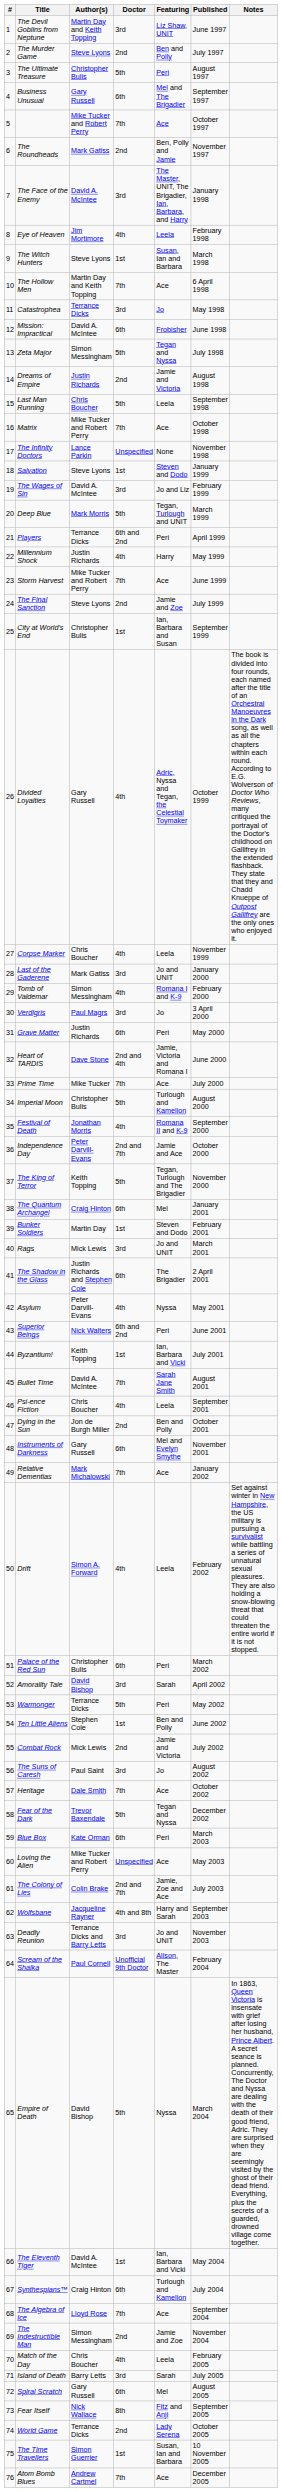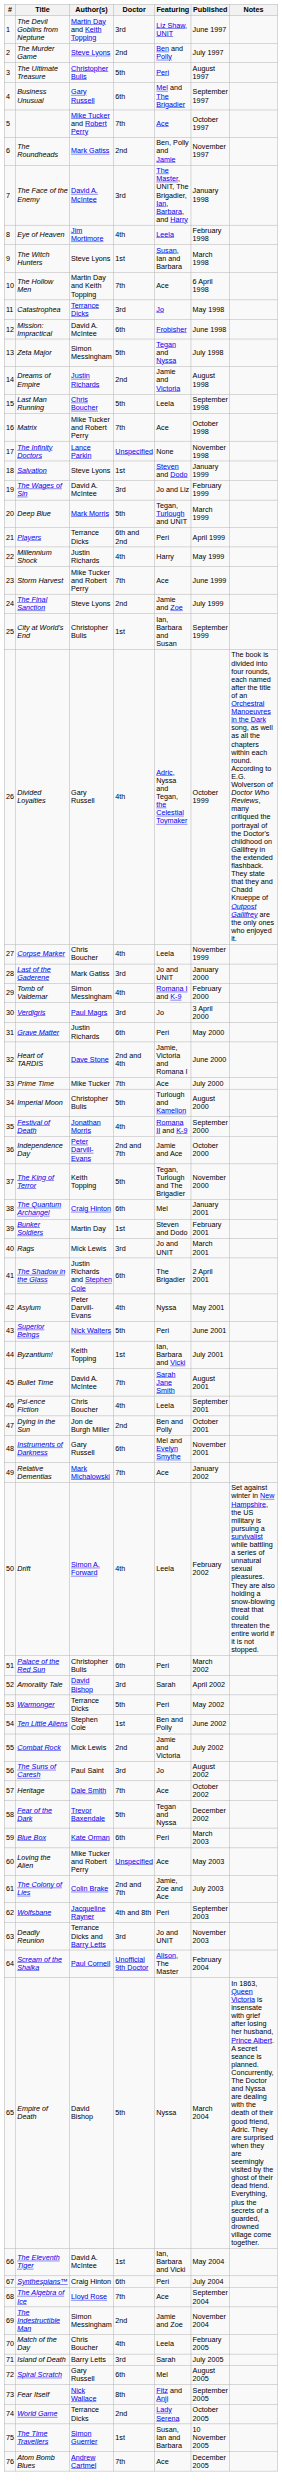 <table class="wikitable sortable">
 <tr>
 <th>#</th>
 <th>Title</th>
 <th>Author(s)</th>
 <th>Doctor</th>
 <th>Featuring</th>
 <th>Published</th>
 <th>Notes</th>
 </tr>
 <tr>
 <td>1</td>
 <td><em>The Devil Goblins from Neptune</em></td>
 <td><a href='#'>Martin Day</a> and <a href='#'>Keith Topping</a></td>
 <td>3rd</td>
 <td><a href='#'>Liz Shaw</a>, <a href='#'>UNIT</a></td>
 <td>June 1997</td>
 <td></td>
 </tr>
 <tr>
 <td>2</td>
 <td><em>The Murder Game</em></td>
 <td><a href='#'>Steve Lyons</a></td>
 <td>2nd</td>
 <td><a href='#'>Ben</a> and <a href='#'>Polly</a></td>
 <td>July 1997</td>
 <td></td>
 </tr>
 <tr>
 <td>3</td>
 <td><em>The Ultimate Treasure</em></td>
 <td><a href='#'>Christopher Bulis</a></td>
 <td>5th</td>
 <td><a href='#'>Peri</a></td>
 <td>August 1997</td>
 <td></td>
 </tr>
 <tr>
 <td>4</td>
 <td><em>Business Unusual</em></td>
 <td><a href='#'>Gary Russell</a></td>
 <td>6th</td>
 <td><a href='#'>Mel</a> and <a href='#'>The Brigadier</a></td>
 <td>September 1997</td>
 <td></td>
 </tr>
 <tr>
 <td>5</td>
 <td><em></em></td>
 <td><a href='#'>Mike Tucker</a> and <a href='#'>Robert Perry</a></td>
 <td>7th</td>
 <td><a href='#'>Ace</a></td>
 <td>October 1997</td>
 <td></td>
 </tr>
 <tr>
 <td>6</td>
 <td><em>The Roundheads</em></td>
 <td><a href='#'>Mark Gatiss</a></td>
 <td>2nd</td>
 <td>Ben, Polly and <a href='#'>Jamie</a></td>
 <td>November 1997</td>
 <td></td>
 </tr>
 <tr>
 <td>7</td>
 <td><em>The Face of the Enemy</em></td>
 <td><a href='#'>David A. McIntee</a></td>
 <td>3rd</td>
 <td><a href='#'>The Master</a>, UNIT, The Brigadier, <br><a href='#'>Ian</a>, <a href='#'>Barbara</a>, and <a href='#'>Harry</a></td>
 <td>January 1998</td>
 <td></td>
 </tr>
 <tr>
 <td>8</td>
 <td><em>Eye of Heaven</em></td>
 <td><a href='#'>Jim Mortimore</a></td>
 <td>4th</td>
 <td><a href='#'>Leela</a></td>
 <td>February 1998</td>
 <td></td>
 </tr>
 <tr>
 <td>9</td>
 <td><em>The Witch Hunters</em></td>
 <td>Steve Lyons</td>
 <td>1st</td>
 <td><a href='#'>Susan</a>, Ian and Barbara</td>
 <td>March 1998</td>
 <td></td>
 </tr>
 <tr>
 <td>10</td>
 <td><em>The Hollow Men</em></td>
 <td>Martin Day and Keith Topping</td>
 <td>7th</td>
 <td>Ace</td>
 <td>6 April 1998</td>
 <td></td>
 </tr>
 <tr>
 <td>11</td>
 <td><em>Catastrophea</em></td>
 <td><a href='#'>Terrance Dicks</a></td>
 <td>3rd</td>
 <td><a href='#'>Jo</a></td>
 <td>May 1998</td>
 <td></td>
 </tr>
 <tr>
 <td>12</td>
 <td><em>Mission: Impractical</em></td>
 <td>David A. McIntee</td>
 <td>6th</td>
 <td><a href='#'>Frobisher</a></td>
 <td>June 1998</td>
 <td></td>
 </tr>
 <tr>
 <td>13</td>
 <td><em>Zeta Major</em></td>
 <td>Simon Messingham</td>
 <td>5th</td>
 <td><a href='#'>Tegan</a> and <a href='#'>Nyssa</a></td>
 <td>July 1998</td>
 <td></td>
 </tr>
 <tr>
 <td>14</td>
 <td><em>Dreams of Empire</em></td>
 <td><a href='#'>Justin Richards</a></td>
 <td>2nd</td>
 <td>Jamie and <a href='#'>Victoria</a></td>
 <td>August 1998</td>
 <td></td>
 </tr>
 <tr>
 <td>15</td>
 <td><em>Last Man Running</em></td>
 <td><a href='#'>Chris Boucher</a></td>
 <td>5th</td>
 <td>Leela</td>
 <td>September 1998</td>
 <td></td>
 </tr>
 <tr>
 <td>16</td>
 <td><em>Matrix</em></td>
 <td>Mike Tucker and Robert Perry</td>
 <td>7th</td>
 <td>Ace</td>
 <td>October 1998</td>
 <td></td>
 </tr>
 <tr>
 <td>17</td>
 <td><em><a href='#'>The Infinity Doctors</a></em></td>
 <td><a href='#'>Lance Parkin</a></td>
 <td><a href='#'>Unspecified</a></td>
 <td>None</td>
 <td>November 1998</td>
 <td></td>
 </tr>
 <tr>
 <td>18</td>
 <td><em><a href='#'>Salvation</a></em></td>
 <td>Steve Lyons</td>
 <td>1st</td>
 <td><a href='#'>Steven</a> and <a href='#'>Dodo</a></td>
 <td>January 1999</td>
 <td></td>
 </tr>
 <tr>
 <td>19</td>
 <td><em><a href='#'>The Wages of Sin</a></em></td>
 <td>David A. McIntee</td>
 <td>3rd</td>
 <td>Jo and Liz</td>
 <td>February 1999</td>
 <td></td>
 </tr>
 <tr>
 <td>20</td>
 <td><em>Deep Blue</em></td>
 <td><a href='#'>Mark Morris</a></td>
 <td>5th</td>
 <td>Tegan, <a href='#'>Turlough</a> and UNIT</td>
 <td>March 1999</td>
 <td></td>
 </tr>
 <tr>
 <td>21</td>
 <td><em><a href='#'>Players</a></em></td>
 <td>Terrance Dicks</td>
 <td>6th and 2nd</td>
 <td>Peri</td>
 <td>April 1999</td>
 <td></td>
 </tr>
 <tr>
 <td>22</td>
 <td><em>Millennium Shock</em></td>
 <td>Justin Richards</td>
 <td>4th</td>
 <td>Harry</td>
 <td>May 1999</td>
 <td></td>
 </tr>
 <tr>
 <td>23</td>
 <td><em>Storm Harvest</em></td>
 <td>Mike Tucker and Robert Perry</td>
 <td>7th</td>
 <td>Ace</td>
 <td>June 1999</td>
 <td></td>
 </tr>
 <tr>
 <td>24</td>
 <td><em><a href='#'>The Final Sanction</a></em></td>
 <td>Steve Lyons</td>
 <td>2nd</td>
 <td>Jamie and <a href='#'>Zoe</a></td>
 <td>July 1999</td>
 <td></td>
 </tr>
 <tr>
 <td>25</td>
 <td><em>City at World's End</em></td>
 <td>Christopher Bulis</td>
 <td>1st</td>
 <td>Ian, Barbara and Susan</td>
 <td>September 1999</td>
 <td></td>
 </tr>
 <tr>
 <td>26</td>
 <td><em>Divided Loyalties</em></td>
 <td>Gary Russell</td>
 <td>4th</td>
 <td><a href='#'>Adric</a>, Nyssa and Tegan, <a href='#'>the Celestial Toymaker</a></td>
 <td>October 1999</td>
 <td>The book is divided into four rounds, each named after the title of an <a href='#'>Orchestral Manoeuvres in the Dark</a> song, as well as all the chapters within each round. According to E.G. Wolverson of <em>Doctor Who Reviews</em>, many critiqued the portrayal of the Doctor's childhood on Gallifrey in the extended flashback. They state that they and Chadd Knueppe of <em><a href='#'>Outpost Gallifrey</a></em> are the only ones who enjoyed it.</td>
 </tr>
 <tr>
 <td>27</td>
 <td><em><a href='#'>Corpse Marker</a></em></td>
 <td>Chris Boucher</td>
 <td>4th</td>
 <td>Leela</td>
 <td>November 1999</td>
 <td></td>
 </tr>
 <tr>
 <td>28</td>
 <td><em><a href='#'>Last of the Gaderene</a></em></td>
 <td>Mark Gatiss</td>
 <td>3rd</td>
 <td>Jo and UNIT</td>
 <td>January 2000</td>
 <td></td>
 </tr>
 <tr>
 <td>29</td>
 <td><em>Tomb of Valdemar</em></td>
 <td>Simon Messingham</td>
 <td>4th</td>
 <td><a href='#'>Romana I</a> and <a href='#'>K-9</a></td>
 <td>February 2000</td>
 <td></td>
 </tr>
 <tr>
 <td>30</td>
 <td><em><a href='#'>Verdigris</a></em></td>
 <td><a href='#'>Paul Magrs</a></td>
 <td>3rd</td>
 <td>Jo</td>
 <td>3 April 2000</td>
 <td></td>
 </tr>
 <tr>
 <td>31</td>
 <td><em><a href='#'>Grave Matter</a></em></td>
 <td>Justin Richards</td>
 <td>6th</td>
 <td>Peri</td>
 <td>May 2000</td>
 <td></td>
 </tr>
 <tr>
 <td>32</td>
 <td><em>Heart of TARDIS</em></td>
 <td><a href='#'>Dave Stone</a></td>
 <td>2nd and 4th</td>
 <td>Jamie, Victoria and Romana I</td>
 <td>June 2000</td>
 <td></td>
 </tr>
 <tr>
 <td>33</td>
 <td><em>Prime Time</em></td>
 <td>Mike Tucker</td>
 <td>7th</td>
 <td>Ace</td>
 <td>July 2000</td>
 <td></td>
 </tr>
 <tr>
 <td>34</td>
 <td><em>Imperial Moon</em></td>
 <td>Christopher Bulis</td>
 <td>5th</td>
 <td>Turlough and <a href='#'>Kamelion</a></td>
 <td>August 2000</td>
 <td></td>
 </tr>
 <tr>
 <td>35</td>
 <td><em><a href='#'>Festival of Death</a></em></td>
 <td><a href='#'>Jonathan Morris</a></td>
 <td>4th</td>
 <td><a href='#'>Romana II</a> and <a href='#'>K-9</a></td>
 <td>September 2000</td>
 <td></td>
 </tr>
 <tr>
 <td>36</td>
 <td><em>Independence Day</em></td>
 <td><a href='#'>Peter Darvill-Evans</a></td>
 <td>2nd and 7th</td>
 <td>Jamie and Ace</td>
 <td>October 2000</td>
 <td></td>
 </tr>
 <tr>
 <td>37</td>
 <td><em><a href='#'>The King of Terror</a></em></td>
 <td>Keith Topping</td>
 <td>5th</td>
 <td>Tegan, Turlough and The Brigadier</td>
 <td>November 2000</td>
 <td></td>
 </tr>
 <tr>
 <td>38</td>
 <td><em><a href='#'>The Quantum Archangel</a></em></td>
 <td><a href='#'>Craig Hinton</a></td>
 <td>6th</td>
 <td>Mel</td>
 <td>January 2001</td>
 <td></td>
 </tr>
 <tr>
 <td>39</td>
 <td><em><a href='#'>Bunker Soldiers</a></em></td>
 <td>Martin Day</td>
 <td>1st</td>
 <td>Steven and Dodo</td>
 <td>February 2001</td>
 <td></td>
 </tr>
 <tr>
 <td>40</td>
 <td><em>Rags</em></td>
 <td>Mick Lewis</td>
 <td>3rd</td>
 <td>Jo and UNIT</td>
 <td>March 2001</td>
 <td></td>
 </tr>
 <tr>
 <td>41</td>
 <td><em><a href='#'>The Shadow in the Glass</a></em></td>
 <td>Justin Richards and <a href='#'>Stephen Cole</a></td>
 <td>6th</td>
 <td>The Brigadier</td>
 <td>2 April 2001</td>
 <td></td>
 </tr>
 <tr>
 <td>42</td>
 <td><em>Asylum</em></td>
 <td>Peter Darvill-Evans</td>
 <td>4th</td>
 <td>Nyssa</td>
 <td>May 2001</td>
 <td></td>
 </tr>
 <tr>
 <td>43</td>
 <td><em><a href='#'>Superior Beings</a></em></td>
 <td><a href='#'>Nick Walters</a></td>
-<td>6th and 2nd</td>
+<td>5th</td>
 <td>Peri</td>
 <td>June 2001</td>
 <td></td>
 </tr>
 <tr>
 <td>44</td>
 <td><em>Byzantium!</em></td>
 <td>Keith Topping</td>
 <td>1st</td>
 <td>Ian, Barbara and <a href='#'>Vicki</a></td>
 <td>July 2001</td>
 <td></td>
 </tr>
 <tr>
 <td>45</td>
 <td><em>Bullet Time</em></td>
 <td>David A. McIntee</td>
 <td>7th</td>
 <td><a href='#'>Sarah Jane Smith</a></td>
 <td>August 2001</td>
 <td></td>
 </tr>
 <tr>
 <td>46</td>
 <td><em>Psi-ence Fiction</em></td>
 <td>Chris Boucher</td>
 <td>4th</td>
 <td>Leela</td>
 <td>September 2001</td>
 <td></td>
 </tr>
 <tr>
 <td>47</td>
 <td><em>Dying in the Sun</em></td>
 <td>Jon de Burgh Miller</td>
 <td>2nd</td>
 <td>Ben and Polly</td>
 <td>October 2001</td>
 <td></td>
 </tr>
 <tr>
 <td>48</td>
 <td><em><a href='#'>Instruments of Darkness</a></em></td>
 <td>Gary Russell</td>
 <td>6th</td>
 <td>Mel and <a href='#'>Evelyn Smythe</a></td>
 <td>November 2001</td>
 <td></td>
 </tr>
 <tr>
 <td>49</td>
 <td><em>Relative Dementias</em></td>
 <td><a href='#'>Mark Michalowski</a></td>
 <td>7th</td>
 <td>Ace</td>
 <td>January 2002</td>
 <td></td>
 </tr>
 <tr>
 <td>50</td>
 <td><em>Drift</em></td>
 <td><a href='#'>Simon A. Forward</a></td>
 <td>4th</td>
 <td>Leela</td>
 <td>February 2002</td>
 <td>Set against winter in <a href='#'>New Hampshire</a>, the US military is pursuing a <a href='#'>survivalist</a> while battling a series of unnatural sexual pleasures. They are also holding a snow-blowing threat that could threaten the entire world if it is not stopped.</td>
 </tr>
 <tr>
 <td>51</td>
 <td><em><a href='#'>Palace of the Red Sun</a></em></td>
 <td>Christopher Bulis</td>
 <td>6th</td>
 <td>Peri</td>
 <td>March 2002</td>
 <td></td>
 </tr>
 <tr>
 <td>52</td>
 <td><em>Amorality Tale</em></td>
 <td><a href='#'>David Bishop</a></td>
 <td>3rd</td>
 <td>Sarah</td>
 <td>April 2002</td>
 <td></td>
 </tr>
 <tr>
 <td>53</td>
 <td><em><a href='#'>Warmonger</a></em></td>
 <td>Terrance Dicks</td>
 <td>5th</td>
 <td>Peri</td>
 <td>May 2002</td>
 <td></td>
 </tr>
 <tr>
 <td>54</td>
 <td><em><a href='#'>Ten Little Aliens</a></em></td>
 <td>Stephen Cole</td>
 <td>1st</td>
 <td>Ben and Polly</td>
 <td>June 2002</td>
 <td></td>
 </tr>
 <tr>
 <td>55</td>
 <td><em><a href='#'>Combat Rock</a></em></td>
 <td>Mick Lewis</td>
 <td>2nd</td>
 <td>Jamie and Victoria</td>
 <td>July 2002</td>
 <td></td>
 </tr>
 <tr>
 <td>56</td>
 <td><em><a href='#'>The Suns of Caresh</a></em></td>
 <td>Paul Saint</td>
 <td>3rd</td>
 <td>Jo</td>
 <td>August 2002</td>
 <td></td>
 </tr>
 <tr>
 <td>57</td>
 <td><em>Heritage</em></td>
 <td><a href='#'>Dale Smith</a></td>
 <td>7th</td>
 <td>Ace</td>
 <td>October 2002</td>
 <td></td>
 </tr>
 <tr>
 <td>58</td>
 <td><em><a href='#'>Fear of the Dark</a></em></td>
 <td><a href='#'>Trevor Baxendale</a></td>
 <td>5th</td>
 <td>Tegan and Nyssa</td>
 <td>December 2002</td>
 <td></td>
 </tr>
 <tr>
 <td>59</td>
 <td><em><a href='#'>Blue Box</a></em></td>
 <td><a href='#'>Kate Orman</a></td>
 <td>6th</td>
 <td>Peri</td>
 <td>March 2003</td>
 <td></td>
 </tr>
 <tr>
 <td>60</td>
 <td><em>Loving the Alien</em></td>
 <td>Mike Tucker and Robert Perry</td>
 <td><a href='#'>Unspecified</a></td>
 <td>Ace</td>
 <td>May 2003</td>
 <td></td>
 </tr>
 <tr>
 <td>61</td>
 <td><em><a href='#'>The Colony of Lies</a></em></td>
 <td><a href='#'>Colin Brake</a></td>
 <td>2nd and 7th</td>
 <td>Jamie, Zoe and Ace</td>
 <td>July 2003</td>
 <td></td>
 </tr>
 <tr>
 <td>62</td>
 <td><em><a href='#'>Wolfsbane</a></em></td>
 <td><a href='#'>Jacqueline Rayner</a></td>
 <td>4th and 8th</td>
-<td>Harry and Sarah</td>
+<td>Peri</td>
 <td>September 2003</td>
 <td></td>
 </tr>
 <tr>
 <td>63</td>
 <td><em>Deadly Reunion</em></td>
 <td>Terrance Dicks and <a href='#'>Barry Letts</a></td>
 <td>3rd</td>
 <td>Jo and UNIT</td>
 <td>November 2003</td>
 <td></td>
 </tr>
 <tr>
 <td>64</td>
 <td><em><a href='#'>Scream of the Shalka</a></em></td>
 <td><a href='#'>Paul Cornell</a></td>
 <td><a href='#'>Unofficial 9th Doctor</a></td>
 <td><a href='#'>Alison</a>, The Master</td>
 <td>February 2004</td>
 <td></td>
 </tr>
 <tr>
 <td>65</td>
 <td><em>Empire of Death</em></td>
 <td>David Bishop</td>
 <td>5th</td>
 <td>Nyssa</td>
 <td>March 2004</td>
 <td>In 1863, <a href='#'>Queen Victoria</a> is insensate with grief after losing her husband, <a href='#'>Prince Albert</a>. A secret seance is planned. Concurrently, The Doctor and Nyssa are dealing with the death of their good friend, Adric. They are surprised when they are seemingly visited by the ghost of their dead friend. Everything, plus the secrets of a guarded, drowned village come together.</td>
 </tr>
 <tr>
 <td>66</td>
 <td><em><a href='#'>The Eleventh Tiger</a></em></td>
 <td>David A. McIntee</td>
 <td>1st</td>
 <td>Ian, Barbara and Vicki</td>
 <td>May 2004</td>
 <td></td>
 </tr>
 <tr>
 <td>67</td>
 <td><em><a href='#'>Synthespians™</a></em></td>
 <td>Craig Hinton</td>
 <td>6th</td>
-<td>Turlough and <a href='#'>Kamelion</a></td>
+<td>Peri</td>
 <td>July 2004</td>
 <td></td>
 </tr>
 <tr>
 <td>68</td>
 <td><em><a href='#'>The Algebra of Ice</a></em></td>
 <td><a href='#'>Lloyd Rose</a></td>
 <td>7th</td>
 <td>Ace</td>
 <td>September 2004</td>
 <td></td>
 </tr>
 <tr>
 <td>69</td>
 <td><em><a href='#'>The Indestructible Man</a></em></td>
 <td>Simon Messingham</td>
 <td>2nd</td>
 <td>Jamie and Zoe</td>
 <td>November 2004</td>
 <td></td>
 </tr>
 <tr>
 <td>70</td>
 <td><em>Match of the Day</em></td>
 <td>Chris Boucher</td>
 <td>4th</td>
 <td>Leela</td>
 <td>February 2005</td>
 <td></td>
 </tr>
 <tr>
 <td>71</td>
 <td><em>Island of Death</em></td>
 <td>Barry Letts</td>
 <td>3rd</td>
 <td>Sarah</td>
 <td>July 2005</td>
 <td></td>
 </tr>
 <tr>
 <td>72</td>
 <td><em><a href='#'>Spiral Scratch</a></em></td>
 <td>Gary Russell</td>
 <td>6th</td>
 <td>Mel</td>
 <td>August 2005</td>
 <td></td>
 </tr>
 <tr>
 <td>73</td>
 <td><em>Fear Itself</em></td>
 <td><a href='#'>Nick Wallace</a></td>
 <td>8th</td>
 <td><a href='#'>Fitz</a> and <a href='#'>Anji</a></td>
 <td>September 2005</td>
 <td></td>
 </tr>
 <tr>
 <td>74</td>
 <td><em><a href='#'>World Game</a></em></td>
 <td>Terrance Dicks</td>
 <td>2nd</td>
 <td><a href='#'>Lady Serena</a></td>
 <td>October 2005</td>
 <td></td>
 </tr>
 <tr>
 <td>75</td>
 <td><em><a href='#'>The Time Travellers</a></em></td>
 <td><a href='#'>Simon Guerrier</a></td>
 <td>1st</td>
 <td>Susan, Ian and Barbara</td>
 <td>10 November 2005</td>
 <td></td>
 </tr>
 <tr>
 <td>76</td>
 <td><em>Atom Bomb Blues</em></td>
 <td><a href='#'>Andrew Cartmel</a></td>
 <td>7th</td>
 <td>Ace</td>
 <td>December 2005</td>
 <td></td>
 </tr>
 </table>
